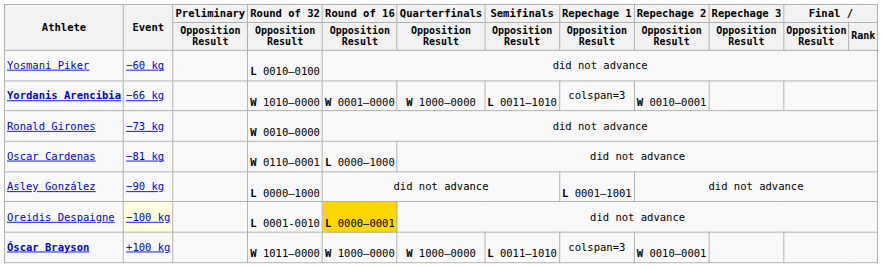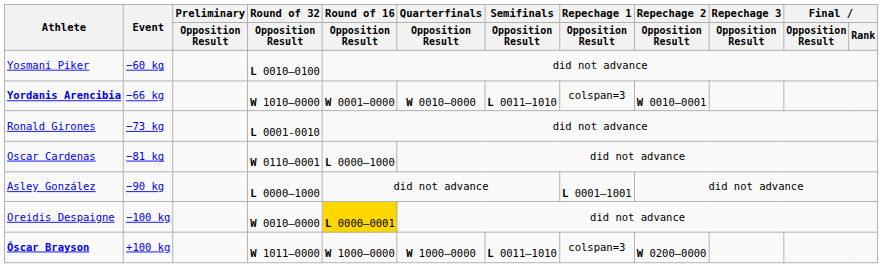 <table class="wikitable" style="font-size:90%">
 <tr>
 <th rowspan="2">Athlete</th>
 <th rowspan="2">Event</th>
 <th>Preliminary</th>
 <th>Round of 32</th>
 <th>Round of 16</th>
 <th>Quarterfinals</th>
 <th>Semifinals</th>
 <th>Repechage 1</th>
 <th>Repechage 2</th>
 <th>Repechage 3</th>
 <th colspan=2>Final / </th>
 </tr>
 <tr style="font-size:95%">
 <th>Opposition<br>Result</th>
 <th>Opposition<br>Result</th>
 <th>Opposition<br>Result</th>
 <th>Opposition<br>Result</th>
 <th>Opposition<br>Result</th>
 <th>Opposition<br>Result</th>
 <th>Opposition<br>Result</th>
 <th>Opposition<br>Result</th>
 <th>Opposition<br>Result</th>
 <th>Rank</th>
 </tr>
 <tr align=center>
 <td align=left><a href='#'>Yosmani Piker</a></td>
 <td align=left><a href='#'>−60 kg</a></td>
 <td></td>
 <td> <br> <strong>L</strong> 0010–0100</td>
 <td colspan=8>did not advance</td>
 </tr>
 <tr align=center>
 <td align=left><strong><a href='#'>Yordanis Arencibia</a></strong></td>
 <td align=left><a href='#'>−66 kg</a></td>
 <td></td>
 <td> <br> <strong>W</strong> 1010–0000</td>
 <td><br><strong>W</strong> 0001–0000</td>
-<td> <br> <strong>W</strong> 1000–0000</td>
+<td> <br><strong>W</strong> 0010–0000</td>
 <td> <br> <strong>L</strong> 0011–1010</td>
 <td>colspan=3 </td>
 <td><br><strong>W</strong> 0010–0001</td>
 <td></td>
 </tr>
 <tr align=center>
 <td align=left><a href='#'>Ronald Girones</a></td>
 <td align=left><a href='#'>−73 kg</a></td>
 <td></td>
-<td> <br> <strong>W</strong> 0010–0000</td>
+<td> <br> <strong>L</strong> 0001-0010</td>
 <td colspan=8>did not advance</td>
 </tr>
 <tr align=center>
 <td align=left><a href='#'>Oscar Cardenas</a></td>
 <td align=left><a href='#'>−81 kg</a></td>
 <td></td>
 <td> <br> <strong>W</strong> 0110–0001</td>
 <td> <br> <strong>L</strong> 0000–1000</td>
 <td colspan=7>did not advance</td>
 </tr>
 <tr align=center>
 <td align=left><a href='#'>Asley González</a></td>
 <td align=left><a href='#'>−90 kg</a></td>
 <td></td>
 <td> <br> <strong>L</strong> 0000–1000</td>
 <td colspan=3>did not advance</td>
 <td align=center> <br> <strong>L</strong> 0001–1001</td>
 <td colspan=4>did not advance</td>
 </tr>
 <tr align=center>
 <td align=left><a href='#'>Oreidis Despaigne</a></td>
-<td style="background: lightyellow;"><a href='#'>−100 kg</a></td>
+<td><a href='#'>−100 kg</a></td>
 <td></td>
-<td> <br> <strong>L</strong> 0001-0010</td>
+<td> <br> <strong>W</strong> 0010–0000</td>
 <td style="background: gold;"> <br> <strong>L</strong> 0000–0001</td>
 <td colspan=7>did not advance</td>
 </tr>
 <tr align=center>
 <td align=left><strong><a href='#'>Óscar Brayson</a></strong></td>
 <td align=left><a href='#'>+100 kg</a></td>
 <td></td>
 <td> <br> <strong>W</strong> 1011–0000</td>
 <td> <br> <strong>W</strong> 1000–0000</td>
 <td> <br> <strong>W</strong> 1000–0000</td>
 <td> <br> <strong>L</strong> 0011–1010</td>
 <td>colspan=3 </td>
-<td><br><strong>W</strong> 0010–0001</td>
+<td> <br><strong>W</strong> 0200–0000</td>
 <td></td>
 </tr>
 </table>
